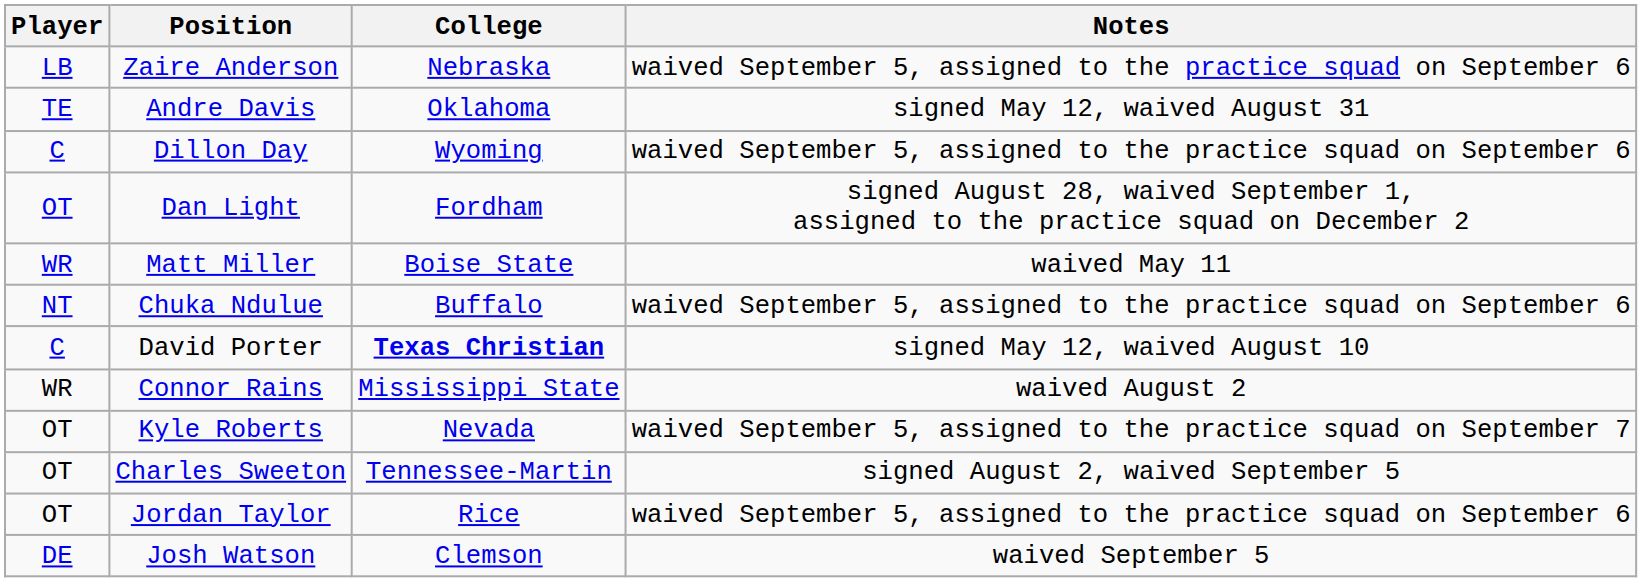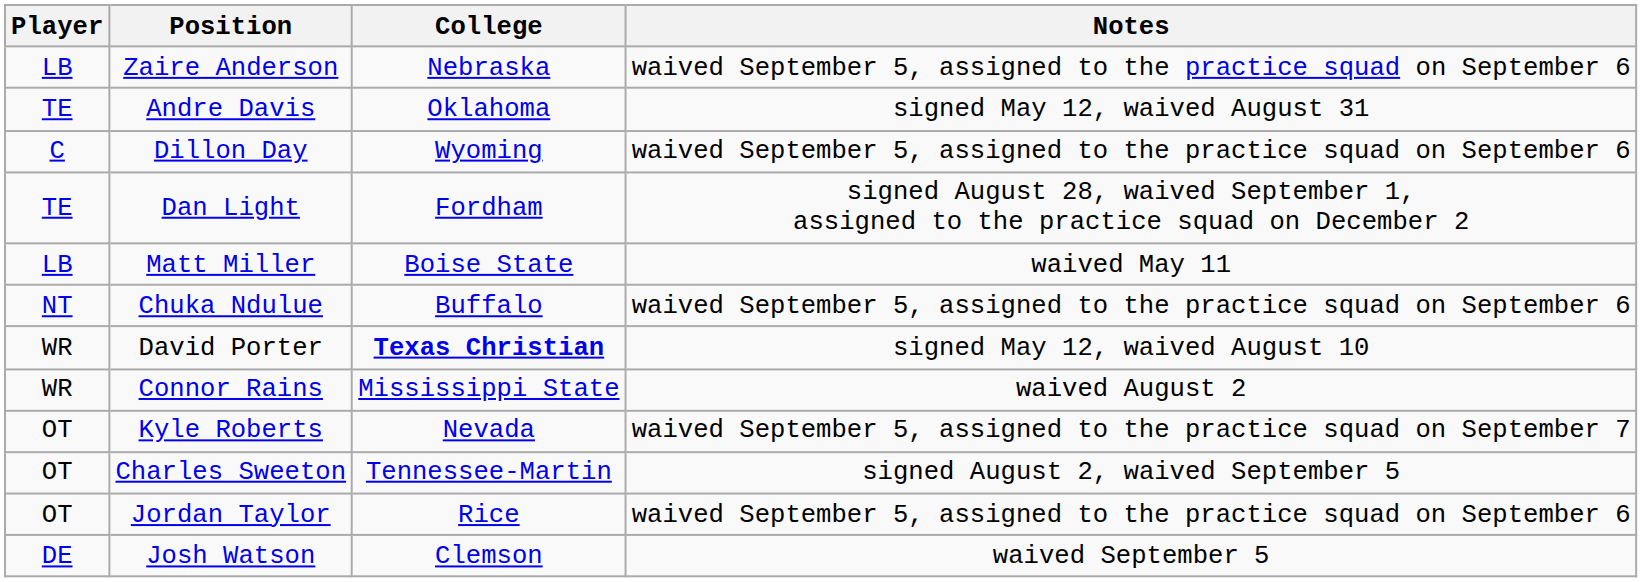 <table class="wikitable" style="text-align:center">
 <tr>
 <th>Player</th>
 <th>Position</th>
 <th>College</th>
 <th>Notes</th>
 </tr>
 <tr>
 <td><a href='#'>LB</a></td>
 <td><a href='#'>Zaire Anderson</a></td>
 <td><a href='#'>Nebraska</a></td>
 <td>waived September 5, assigned to the <a href='#'>practice squad</a> on September 6</td>
 </tr>
 <tr>
 <td><a href='#'>TE</a></td>
 <td><a href='#'>Andre Davis</a></td>
 <td><a href='#'>Oklahoma</a></td>
 <td>signed May 12, waived August 31</td>
 </tr>
 <tr>
 <td><a href='#'>C</a></td>
 <td><a href='#'>Dillon Day</a></td>
 <td><a href='#'>Wyoming</a></td>
 <td>waived September 5, assigned to the practice squad on September 6</td>
 </tr>
 <tr>
-<td><a href='#'>OT</a></td>
+<td><a href='#'>TE</a></td>
 <td><a href='#'>Dan Light</a></td>
 <td><a href='#'>Fordham</a></td>
 <td>signed August 28, waived September 1,<br>assigned to the practice squad on December 2</td>
 </tr>
 <tr>
-<td><a href='#'>WR</a></td>
+<td><a href='#'>LB</a></td>
 <td><a href='#'>Matt Miller</a></td>
 <td><a href='#'>Boise State</a></td>
 <td>waived May 11</td>
 </tr>
 <tr>
 <td><a href='#'>NT</a></td>
 <td><a href='#'>Chuka Ndulue</a></td>
 <td><a href='#'>Buffalo</a></td>
 <td>waived September 5, assigned to the practice squad on September 6</td>
 </tr>
 <tr>
-<td><a href='#'>C</a></td>
+<td>WR</td>
 <td>David Porter</td>
 <td><strong><a href='#'>Texas Christian</a></strong></td>
 <td>signed May 12, waived August 10</td>
 </tr>
 <tr>
 <td>WR</td>
 <td><a href='#'>Connor Rains</a></td>
 <td><a href='#'>Mississippi State</a></td>
 <td>waived August 2</td>
 </tr>
 <tr>
 <td>OT</td>
 <td><a href='#'>Kyle Roberts</a></td>
 <td><a href='#'>Nevada</a></td>
 <td>waived September 5, assigned to the practice squad on September 7</td>
 </tr>
 <tr>
 <td>OT</td>
 <td><a href='#'>Charles Sweeton</a></td>
 <td><a href='#'>Tennessee-Martin</a></td>
 <td>signed August 2, waived September 5</td>
 </tr>
 <tr>
 <td>OT</td>
 <td><a href='#'>Jordan Taylor</a></td>
 <td><a href='#'>Rice</a></td>
 <td>waived September 5, assigned to the practice squad on September 6</td>
 </tr>
 <tr>
 <td><a href='#'>DE</a></td>
 <td><a href='#'>Josh Watson</a></td>
 <td><a href='#'>Clemson</a></td>
 <td>waived September 5</td>
 </tr>
 </table>
